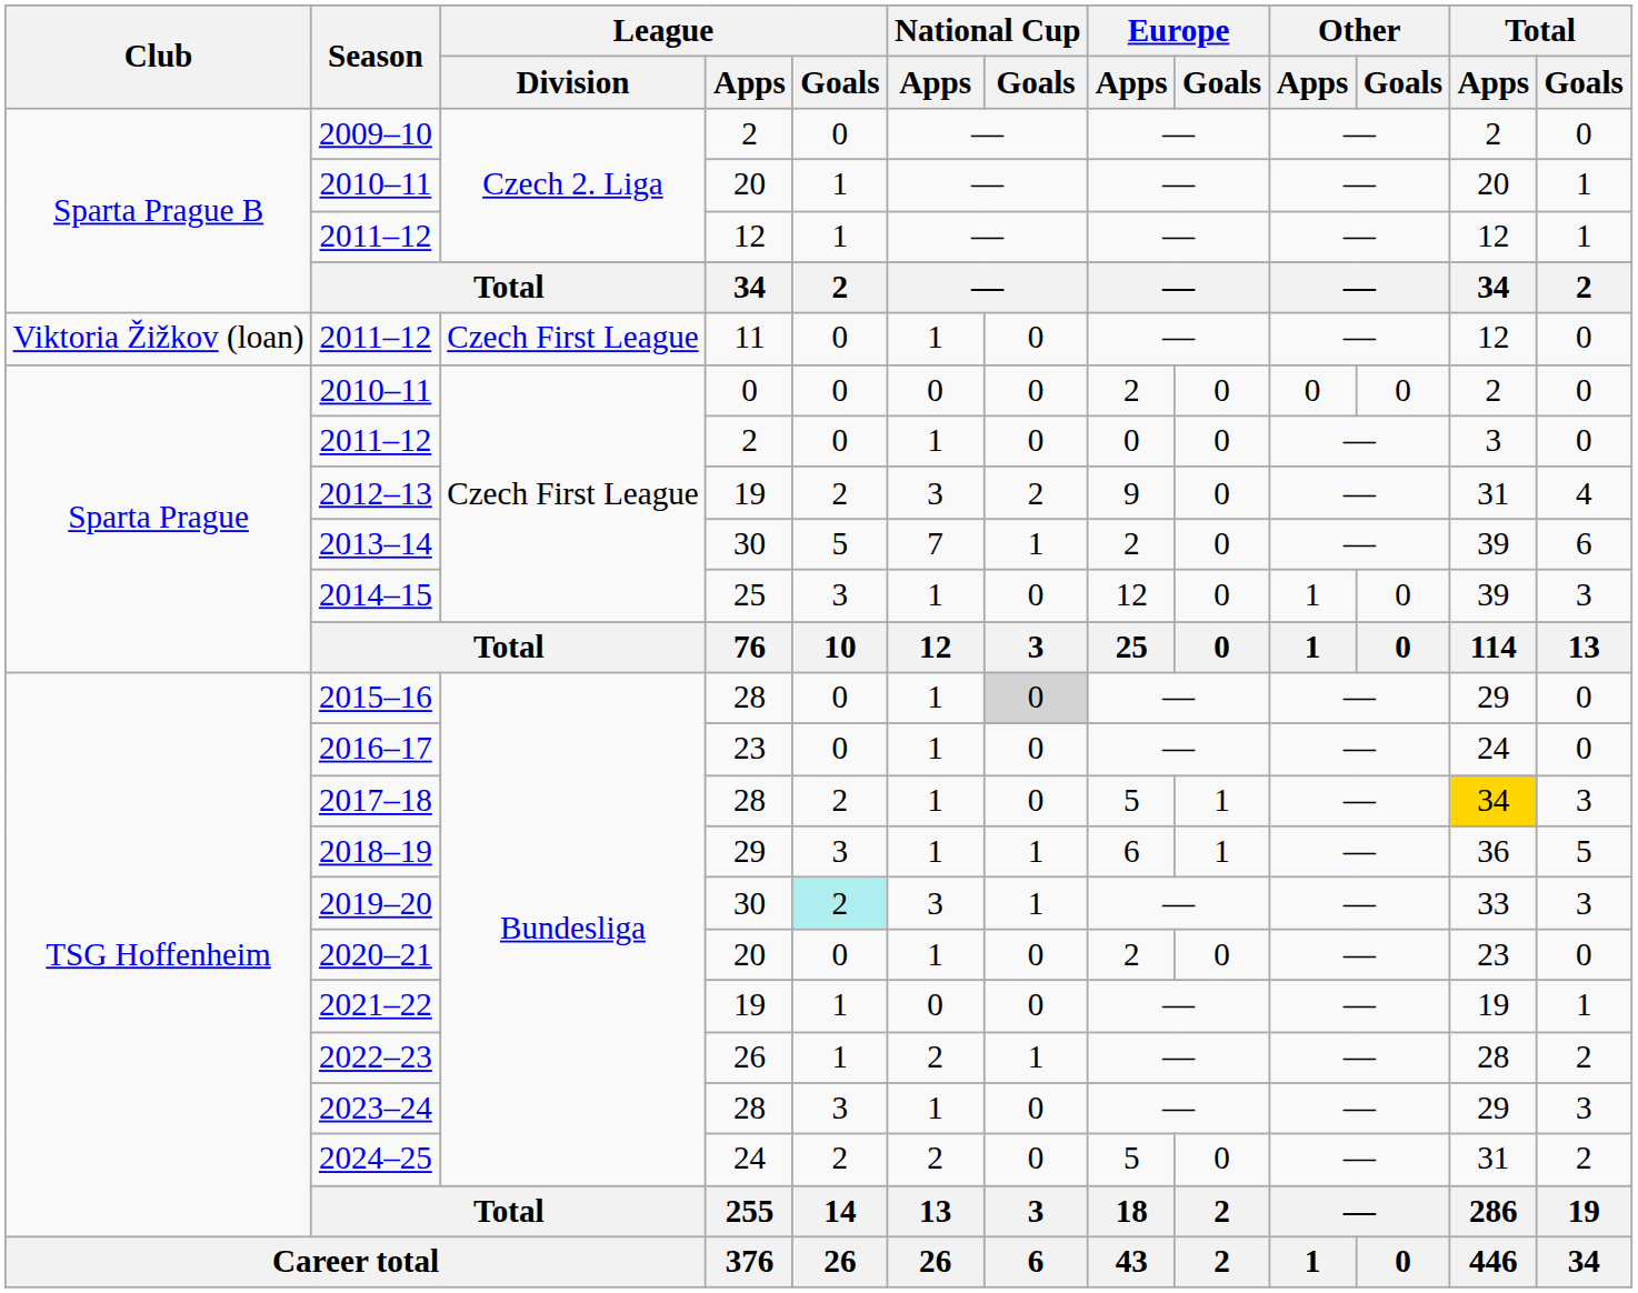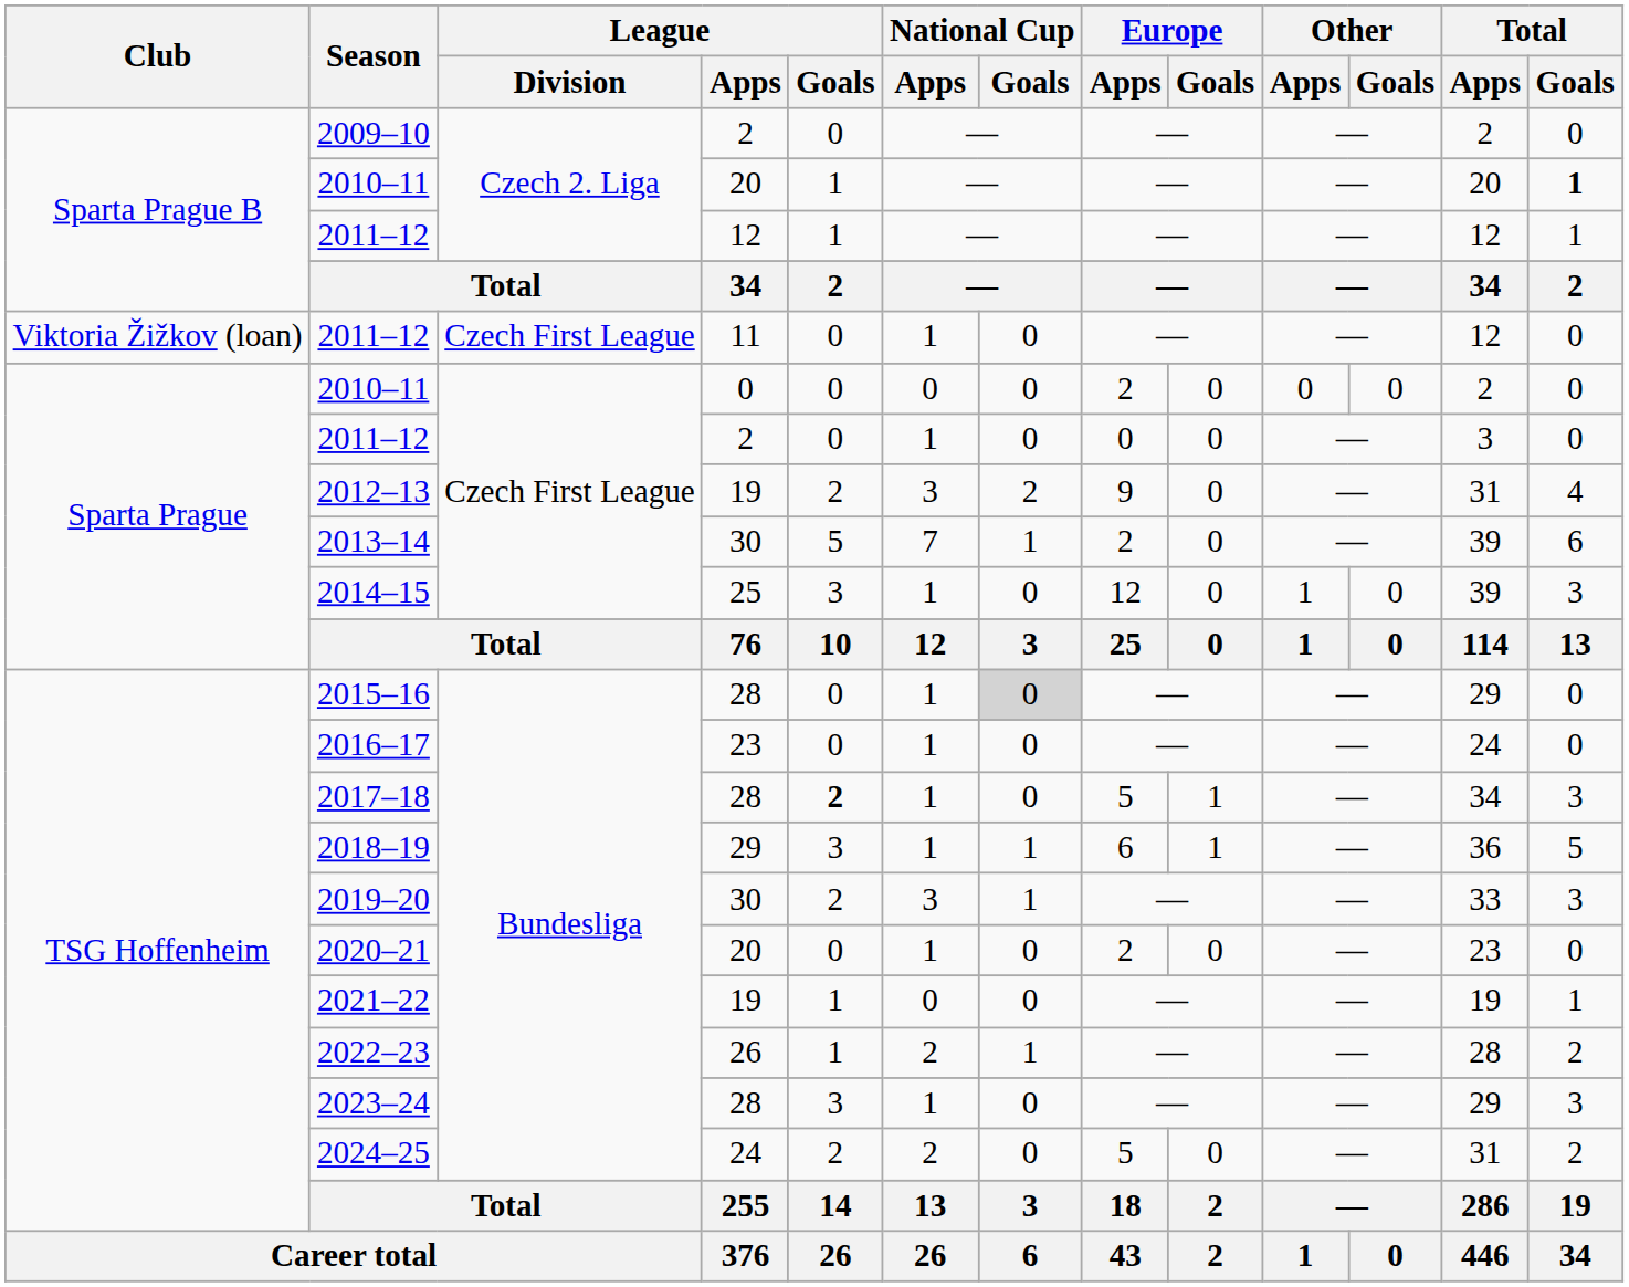 <table class="wikitable" style="text-align:center">
 <tr>
 <th rowspan="2">Club</th>
 <th rowspan="2">Season</th>
 <th colspan="3">League</th>
 <th colspan="2">National Cup</th>
 <th colspan="2"><a href='#'>Europe</a></th>
 <th colspan="2">Other</th>
 <th colspan="2">Total</th>
 </tr>
 <tr>
 <th>Division</th>
 <th>Apps</th>
 <th>Goals</th>
 <th>Apps</th>
 <th>Goals</th>
 <th>Apps</th>
 <th>Goals</th>
 <th>Apps</th>
 <th>Goals</th>
 <th>Apps</th>
 <th>Goals</th>
 </tr>
 <tr>
 <td rowspan="4"><a href='#'>Sparta Prague B</a></td>
 <td><a href='#'>2009–10</a></td>
 <td rowspan="3"><a href='#'>Czech 2. Liga</a></td>
 <td>2</td>
 <td>0</td>
 <td colspan="2">—</td>
 <td colspan="2">—</td>
 <td colspan="2">—</td>
 <td>2</td>
 <td>0</td>
 </tr>
 <tr>
 <td><a href='#'>2010–11</a></td>
 <td>20</td>
 <td>1</td>
 <td colspan="2">—</td>
 <td colspan="2">—</td>
 <td colspan="2">—</td>
 <td>20</td>
-<td>1</td>
+<td><strong>1</strong></td>
 </tr>
 <tr>
 <td><a href='#'>2011–12</a></td>
 <td>12</td>
 <td>1</td>
 <td colspan="2">—</td>
 <td colspan="2">—</td>
 <td colspan="2">—</td>
 <td>12</td>
 <td>1</td>
 </tr>
 <tr>
 <th colspan="2">Total</th>
 <th>34</th>
 <th>2</th>
 <th colspan="2">—</th>
 <th colspan="2">—</th>
 <th colspan="2">—</th>
 <th>34</th>
 <th>2</th>
 </tr>
 <tr>
 <td><a href='#'>Viktoria Žižkov</a> (loan)</td>
 <td><a href='#'>2011–12</a></td>
 <td><a href='#'>Czech First League</a></td>
 <td>11</td>
 <td>0</td>
 <td>1</td>
 <td>0</td>
 <td colspan="2">—</td>
 <td colspan="2">—</td>
 <td>12</td>
 <td>0</td>
 </tr>
 <tr>
 <td rowspan="6"><a href='#'>Sparta Prague</a></td>
 <td><a href='#'>2010–11</a></td>
 <td rowspan="5">Czech First League</td>
 <td>0</td>
 <td>0</td>
 <td>0</td>
 <td>0</td>
 <td>2</td>
 <td>0</td>
 <td>0</td>
 <td>0</td>
 <td>2</td>
 <td>0</td>
 </tr>
 <tr>
 <td><a href='#'>2011–12</a></td>
 <td>2</td>
 <td>0</td>
 <td>1</td>
 <td>0</td>
 <td>0</td>
 <td>0</td>
 <td colspan="2">—</td>
 <td>3</td>
 <td>0</td>
 </tr>
 <tr>
 <td><a href='#'>2012–13</a></td>
 <td>19</td>
 <td>2</td>
 <td>3</td>
 <td>2</td>
 <td>9</td>
 <td>0</td>
 <td colspan="2">—</td>
 <td>31</td>
 <td>4</td>
 </tr>
 <tr>
 <td><a href='#'>2013–14</a></td>
 <td>30</td>
 <td>5</td>
 <td>7</td>
 <td>1</td>
 <td>2</td>
 <td>0</td>
 <td colspan="2">—</td>
 <td>39</td>
 <td>6</td>
 </tr>
 <tr>
 <td><a href='#'>2014–15</a></td>
 <td>25</td>
 <td>3</td>
 <td>1</td>
 <td>0</td>
 <td>12</td>
 <td>0</td>
 <td>1</td>
 <td>0</td>
 <td>39</td>
 <td>3</td>
 </tr>
 <tr>
 <th colspan="2">Total</th>
 <th>76</th>
 <th>10</th>
 <th>12</th>
 <th>3</th>
 <th>25</th>
 <th>0</th>
 <th>1</th>
 <th>0</th>
 <th>114</th>
 <th>13</th>
 </tr>
 <tr>
 <td rowspan="11"><a href='#'>TSG Hoffenheim</a></td>
 <td><a href='#'>2015–16</a></td>
 <td rowspan="10"><a href='#'>Bundesliga</a></td>
 <td>28</td>
 <td>0</td>
 <td>1</td>
 <td style="background: lightgrey;">0</td>
 <td colspan="2">—</td>
 <td colspan="2">—</td>
 <td>29</td>
 <td>0</td>
 </tr>
 <tr>
 <td><a href='#'>2016–17</a></td>
 <td>23</td>
 <td>0</td>
 <td>1</td>
 <td>0</td>
 <td colspan="2">—</td>
 <td colspan="2">—</td>
 <td>24</td>
 <td>0</td>
 </tr>
 <tr>
 <td><a href='#'>2017–18</a></td>
 <td>28</td>
-<td>2</td>
+<td><strong>2</strong></td>
 <td>1</td>
 <td>0</td>
 <td>5</td>
 <td>1</td>
 <td colspan="2">—</td>
-<td style="background: gold;">34</td>
+<td>34</td>
 <td>3</td>
 </tr>
 <tr>
 <td><a href='#'>2018–19</a></td>
 <td>29</td>
 <td>3</td>
 <td>1</td>
 <td>1</td>
 <td>6</td>
 <td>1</td>
 <td colspan="2">—</td>
 <td>36</td>
 <td>5</td>
 </tr>
 <tr>
 <td><a href='#'>2019–20</a></td>
 <td>30</td>
-<td style="background: paleturquoise;">2</td>
+<td>2</td>
 <td>3</td>
 <td>1</td>
 <td colspan="2">—</td>
 <td colspan="2">—</td>
 <td>33</td>
 <td>3</td>
 </tr>
 <tr>
 <td><a href='#'>2020–21</a></td>
 <td>20</td>
 <td>0</td>
 <td>1</td>
 <td>0</td>
 <td>2</td>
 <td>0</td>
 <td colspan="2">—</td>
 <td>23</td>
 <td>0</td>
 </tr>
 <tr>
 <td><a href='#'>2021–22</a></td>
 <td>19</td>
 <td>1</td>
 <td>0</td>
 <td>0</td>
 <td colspan="2">—</td>
 <td colspan="2">—</td>
 <td>19</td>
 <td>1</td>
 </tr>
 <tr>
 <td><a href='#'>2022–23</a></td>
 <td>26</td>
 <td>1</td>
 <td>2</td>
 <td>1</td>
 <td colspan="2">—</td>
 <td colspan="2">—</td>
 <td>28</td>
 <td>2</td>
 </tr>
 <tr>
 <td><a href='#'>2023–24</a></td>
 <td>28</td>
 <td>3</td>
 <td>1</td>
 <td>0</td>
 <td colspan="2">—</td>
 <td colspan="2">—</td>
 <td>29</td>
 <td>3</td>
 </tr>
 <tr>
 <td><a href='#'>2024–25</a></td>
 <td>24</td>
 <td>2</td>
 <td>2</td>
 <td>0</td>
 <td>5</td>
 <td>0</td>
 <td colspan="2">—</td>
 <td>31</td>
 <td>2</td>
 </tr>
 <tr>
 <th colspan="2">Total</th>
 <th>255</th>
 <th>14</th>
 <th>13</th>
 <th>3</th>
 <th>18</th>
 <th>2</th>
 <th colspan="2">—</th>
 <th>286</th>
 <th>19</th>
 </tr>
 <tr>
 <th colspan="3">Career total</th>
 <th>376</th>
 <th>26</th>
 <th>26</th>
 <th>6</th>
 <th>43</th>
 <th>2</th>
 <th>1</th>
 <th>0</th>
 <th>446</th>
 <th>34</th>
 </tr>
 </table>
